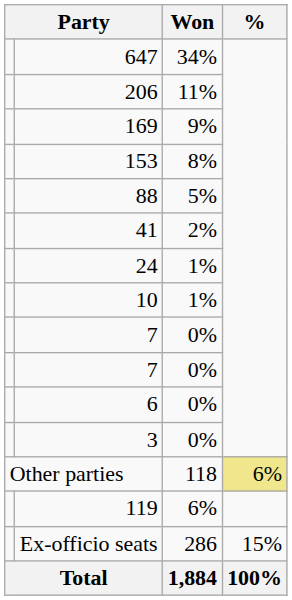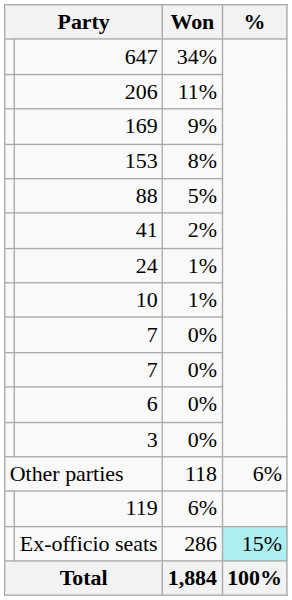 <table class=wikitable style="text-align:right;">
 <tr>
 <th colspan=2>Party</th>
 <th>Won</th>
 <th>%</th>
 </tr>
 <tr>
 <td></td>
 <td>647</td>
 <td>34%</td>
 </tr>
 <tr>
 <td></td>
 <td>206</td>
 <td>11%</td>
 </tr>
 <tr>
 <td></td>
 <td>169</td>
 <td>9%</td>
 </tr>
 <tr>
 <td></td>
 <td>153</td>
 <td>8%</td>
 </tr>
 <tr>
 <td></td>
 <td>88</td>
 <td>5%</td>
 </tr>
 <tr>
 <td></td>
 <td>41</td>
 <td>2%</td>
 </tr>
 <tr>
 <td></td>
 <td>24</td>
 <td>1%</td>
 </tr>
 <tr>
 <td></td>
 <td>10</td>
 <td>1%</td>
 </tr>
 <tr>
 <td></td>
 <td>7</td>
 <td>0%</td>
 </tr>
 <tr>
 <td></td>
 <td>7</td>
 <td>0%</td>
 </tr>
 <tr>
 <td></td>
 <td>6</td>
 <td>0%</td>
 </tr>
 <tr>
 <td></td>
 <td>3</td>
 <td>0%</td>
 </tr>
 <tr>
 <td colspan=2 align=left>Other parties</td>
 <td>118</td>
-<td style="background: khaki;">6%</td>
+<td>6%</td>
 </tr>
 <tr>
 <td></td>
 <td>119</td>
 <td>6%</td>
 </tr>
 <tr>
 <td></td>
 <td align=left>Ex-officio seats</td>
 <td>286</td>
-<td>15%</td>
+<td style="background: paleturquoise;">15%</td>
 </tr>
 <tr>
 <th colspan=2>Total</th>
 <th>1,884</th>
 <th>100%</th>
 </tr>
 </table>
